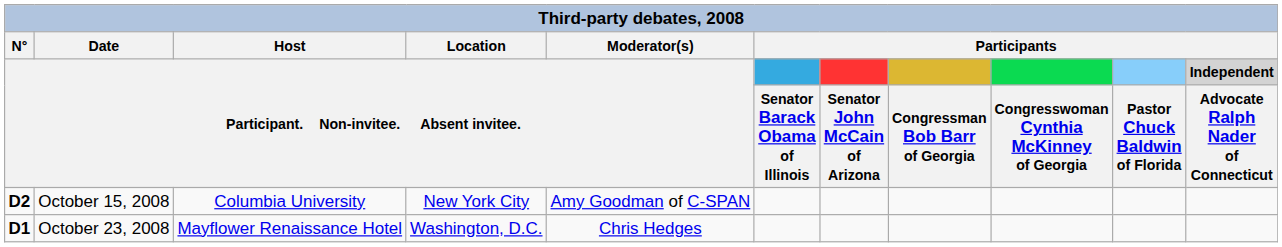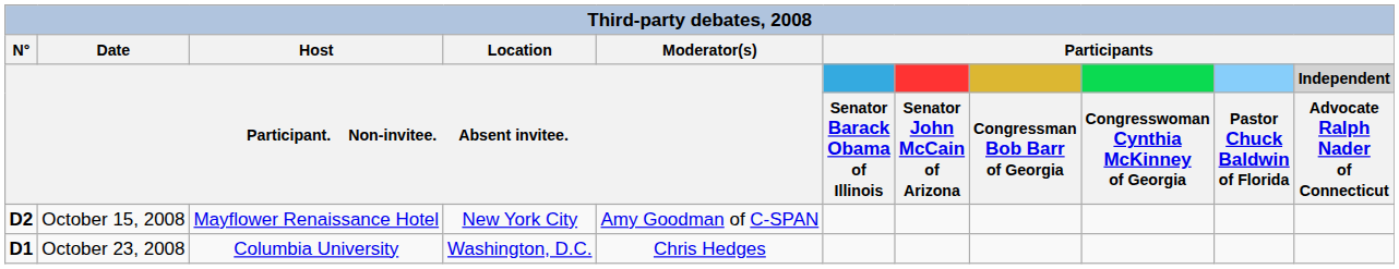 <table class="wikitable" style="font-size:90%">
 <tr>
 <th style="background:#B0C4DE" colspan="16">Third-party debates, 2008</th>
 </tr>
 <tr>
 <th><small>N°</small></th>
 <th><small>Date</small></th>
 <th><small>Host </small></th>
 <th><small>Location</small></th>
 <th><small>Moderator(s) </small></th>
 <th scope="col" colspan="10"><small>Participants</small></th>
 </tr>
 <tr>
 <th colspan="5" rowspan="2"> <small>Participant.  </small>   <small>Non-invitee.   </small>   <small>Absent invitee.   </small></th>
 <th scope="col" style="width:9em; background:#34AAE0;"><small><a href='#'></a></small></th>
 <th scope="col" style="width:9em; background:#FF3333;"><small><a href='#'></a></small></th>
 <th scope="col" style="width:7em; background:#DCB732;"><small><a href='#'></a></small></th>
 <th scope="col" style="width:7em; background:#0BDA51;"><small><a href='#'></a></small></th>
 <th scope="col" style="width:7em; background:#87CEFA;"><small><a href='#'></a></small></th>
 <th scope="col" style="width:7em; background:lightgrey"><small>Independent</small></th>
 </tr>
 <tr>
 <th><small>Senator</small><br><a href='#'>Barack Obama</a><br><small>of Illinois</small></th>
 <th><small>Senator</small><br><a href='#'>John McCain</a><br><small>of Arizona</small></th>
 <th><small>Congressman</small><br><a href='#'>Bob Barr</a><br><small>of Georgia</small></th>
 <th><small>Congresswoman</small><br><a href='#'>Cynthia McKinney</a><br><small>of Georgia</small></th>
 <th><small>Pastor</small><br><a href='#'>Chuck Baldwin</a><br><small>of Florida</small></th>
 <th><small>Advocate</small><br><a href='#'>Ralph Nader</a><br><small>of Connecticut</small></th>
 </tr>
 <tr>
 <td style="white-space:nowrap;"><strong>D2</strong></td>
 <td style="white-space:nowrap;">October 15, 2008</td>
-<td style="white-space:nowrap; text-align:center;"><a href='#'>Columbia University</a></td>
+<td style="white-space:nowrap; text-align:center;"><a href='#'>Mayflower Renaissance Hotel</a></td>
 <td style="white-space:nowrap; text-align:center;"><a href='#'>New York City</a></td>
 <td style="white-space:nowrap; text-align:center;"><a href='#'>Amy Goodman</a> of <a href='#'>C-SPAN</a></td>
 <td></td>
 <td></td>
 <td></td>
 <td></td>
 <td></td>
 <td></td>
 </tr>
 <tr>
 <td style="white-space:nowrap;"><strong>D1</strong></td>
 <td style="white-space:nowrap;">October 23, 2008</td>
-<td style="white-space:nowrap; text-align:center;"><a href='#'>Mayflower Renaissance Hotel</a></td>
+<td style="white-space:nowrap; text-align:center;"><a href='#'>Columbia University</a></td>
 <td style="white-space:nowrap; text-align:center;"><a href='#'>Washington, D.C.</a></td>
 <td style="white-space:nowrap; text-align:center;"><a href='#'>Chris Hedges</a></td>
 <td></td>
 <td></td>
 <td></td>
 <td></td>
 <td></td>
 <td></td>
 </tr>
 </table>
